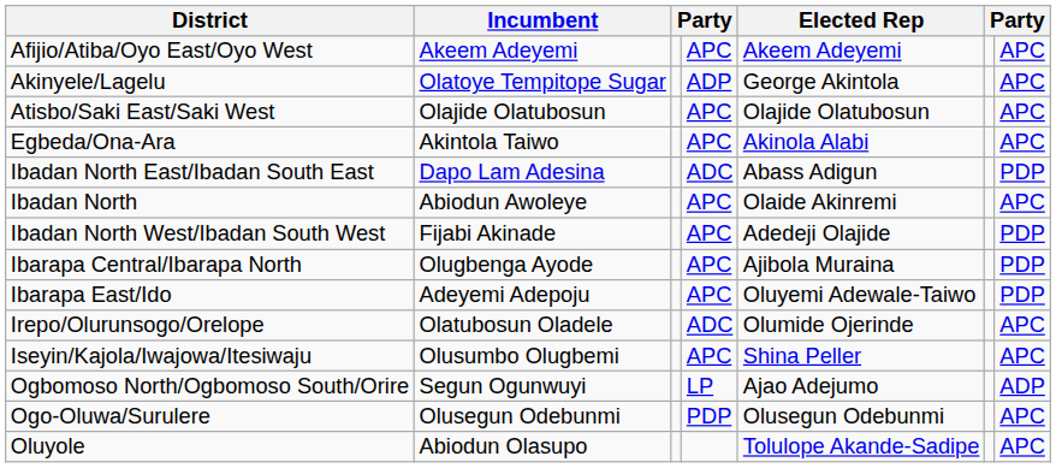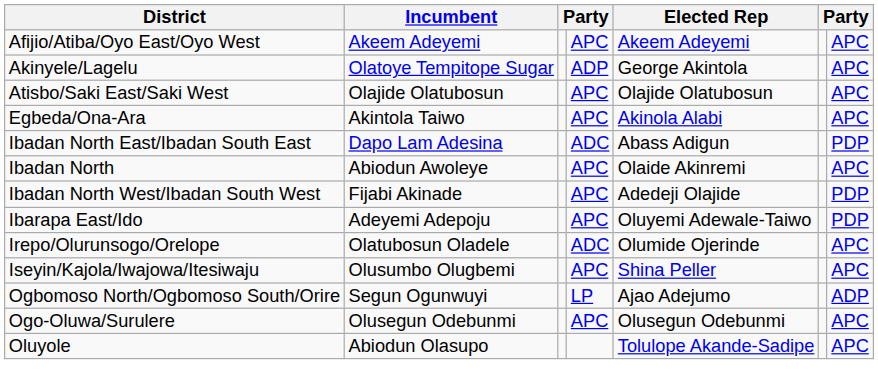 <table class="sortable wikitable" style="font-size:95%;line-height:14px;">
 <tr>
 <th class="unsortable">District</th>
 <th class="unsortable"><a href='#'>Incumbent</a></th>
 <th colspan="2">Party</th>
 <th class="unsortable">Elected Rep</th>
 <th colspan="2">Party</th>
 </tr>
 <tr>
 <td>Afijio/Atiba/Oyo East/Oyo West</td>
 <td><a href='#'>Akeem Adeyemi</a></td>
 <td style="background:"></td>
 <td><a href='#'>APC</a></td>
 <td><a href='#'>Akeem Adeyemi</a></td>
 <td style="background:"></td>
 <td><a href='#'>APC</a></td>
 </tr>
 <tr>
 <td>Akinyele/Lagelu</td>
 <td><a href='#'>Olatoye Tempitope Sugar</a></td>
 <td style="background:"></td>
 <td><a href='#'>ADP</a></td>
 <td>George Akintola</td>
 <td style="background:"></td>
 <td><a href='#'>APC</a></td>
 </tr>
 <tr>
 <td>Atisbo/Saki East/Saki West</td>
 <td>Olajide Olatubosun</td>
 <td style="background:"></td>
 <td><a href='#'>APC</a></td>
 <td>Olajide Olatubosun</td>
 <td style="background:"></td>
 <td><a href='#'>APC</a></td>
 </tr>
 <tr>
 <td>Egbeda/Ona-Ara</td>
 <td>Akintola Taiwo</td>
 <td style="background:"></td>
 <td><a href='#'>APC</a></td>
 <td><a href='#'>Akinola Alabi</a></td>
 <td style="background:"></td>
 <td><a href='#'>APC</a></td>
 </tr>
 <tr>
 <td>Ibadan North East/Ibadan South East</td>
 <td><a href='#'>Dapo Lam Adesina</a></td>
 <td style="background:"></td>
 <td><a href='#'>ADC</a></td>
 <td>Abass Adigun</td>
 <td style="background:"></td>
 <td><a href='#'>PDP</a></td>
 </tr>
 <tr>
 <td>Ibadan North</td>
 <td>Abiodun Awoleye</td>
 <td style="background:"></td>
 <td><a href='#'>APC</a></td>
 <td>Olaide Akinremi</td>
 <td style="background:"></td>
 <td><a href='#'>APC</a></td>
 </tr>
 <tr>
 <td>Ibadan North West/Ibadan South West</td>
 <td>Fijabi Akinade</td>
 <td style="background:"></td>
 <td><a href='#'>APC</a></td>
 <td>Adedeji Olajide</td>
 <td style="background:"></td>
 <td><a href='#'>PDP</a></td>
 </tr>
 <tr>
-<td>Ibarapa Central/Ibarapa North</td>
-<td>Olugbenga Ayode</td>
-<td style="background:"></td>
-<td><a href='#'>APC</a></td>
-<td>Ajibola Muraina</td>
-<td style="background:"></td>
-<td><a href='#'>PDP</a></td>
-</tr>
-<tr>
 <td>Ibarapa East/Ido</td>
 <td>Adeyemi Adepoju</td>
 <td style="background:"></td>
 <td><a href='#'>APC</a></td>
 <td>Oluyemi Adewale-Taiwo</td>
 <td style="background:"></td>
 <td><a href='#'>PDP</a></td>
 </tr>
 <tr>
 <td>Irepo/Olurunsogo/Orelope</td>
 <td>Olatubosun Oladele</td>
 <td style="background:"></td>
 <td><a href='#'>ADC</a></td>
 <td>Olumide Ojerinde</td>
 <td style="background:"></td>
 <td><a href='#'>APC</a></td>
 </tr>
 <tr>
 <td>Iseyin/Kajola/Iwajowa/Itesiwaju</td>
 <td>Olusumbo Olugbemi</td>
 <td style="background:"></td>
 <td><a href='#'>APC</a></td>
 <td><a href='#'>Shina Peller</a></td>
 <td style="background:"></td>
 <td><a href='#'>APC</a></td>
 </tr>
 <tr>
 <td>Ogbomoso North/Ogbomoso South/Orire</td>
 <td>Segun Ogunwuyi</td>
 <td style="background:"></td>
 <td><a href='#'>LP</a></td>
 <td>Ajao Adejumo</td>
 <td style="background:"></td>
 <td><a href='#'>ADP</a></td>
 </tr>
 <tr>
 <td>Ogo-Oluwa/Surulere</td>
 <td>Olusegun Odebunmi</td>
 <td style="background:"></td>
-<td><a href='#'>PDP</a></td>
+<td><a href='#'>APC</a></td>
 <td>Olusegun Odebunmi</td>
 <td style="background:"></td>
 <td><a href='#'>APC</a></td>
 </tr>
 <tr>
 <td>Oluyole</td>
 <td>Abiodun Olasupo</td>
 <td></td>
 <td></td>
 <td><a href='#'>Tolulope Akande-Sadipe</a></td>
 <td style="background:"></td>
 <td><a href='#'>APC</a></td>
 </tr>
 </table>
